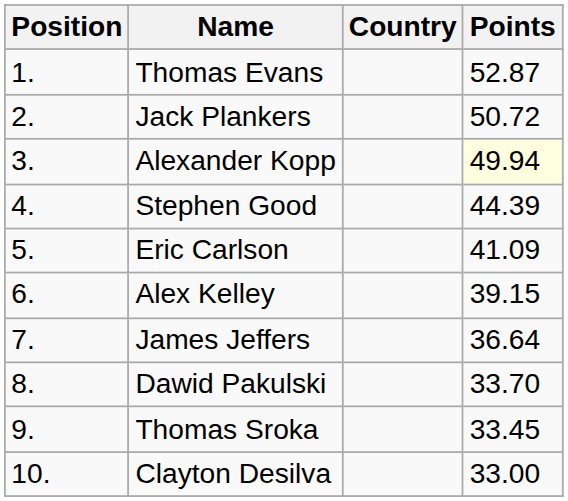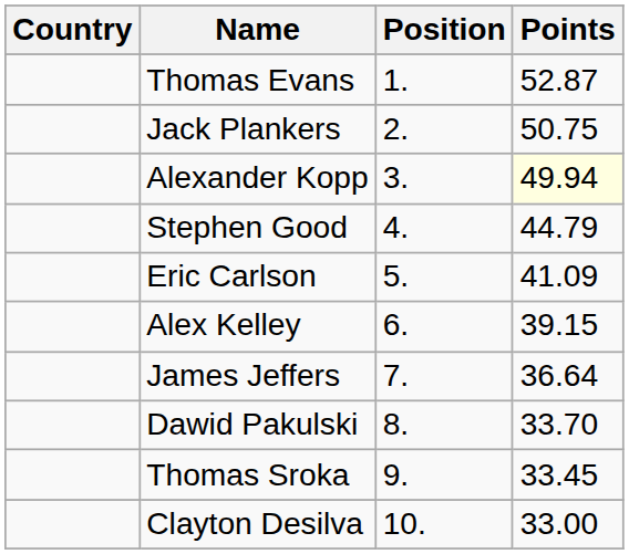 <table class="wikitable sortable" style="display: inline-table">
 <tr>
+<th>Country</th>
+<th>Name</th>
 <th>Position</th>
-<th>Name</th>
-<th>Country</th>
 <th>Points</th>
 </tr>
 <tr>
+<td></td>
+<td>Thomas Evans</td>
 <td>1.</td>
-<td>Thomas Evans</td>
-<td></td>
 <td>52.87</td>
 </tr>
 <tr>
+<td></td>
+<td>Jack Plankers</td>
 <td>2.</td>
-<td>Jack Plankers</td>
-<td></td>
-<td>50.72</td>
+<td>50.75</td>
 </tr>
 <tr>
+<td></td>
+<td>Alexander Kopp</td>
 <td>3.</td>
-<td>Alexander Kopp</td>
-<td></td>
 <td style="background: lightyellow;">49.94</td>
 </tr>
 <tr>
+<td></td>
+<td>Stephen Good</td>
 <td>4.</td>
-<td>Stephen Good</td>
-<td></td>
-<td>44.39</td>
+<td>44.79</td>
 </tr>
 <tr>
+<td></td>
+<td>Eric Carlson</td>
 <td>5.</td>
-<td>Eric Carlson</td>
-<td></td>
 <td>41.09</td>
 </tr>
 <tr>
+<td></td>
+<td>Alex Kelley</td>
 <td>6.</td>
-<td>Alex Kelley</td>
-<td></td>
 <td>39.15</td>
 </tr>
 <tr>
+<td></td>
+<td>James Jeffers</td>
 <td>7.</td>
-<td>James Jeffers</td>
-<td></td>
 <td>36.64</td>
 </tr>
 <tr>
+<td></td>
+<td>Dawid Pakulski</td>
 <td>8.</td>
-<td>Dawid Pakulski</td>
-<td></td>
 <td>33.70</td>
 </tr>
 <tr>
+<td></td>
+<td>Thomas Sroka</td>
 <td>9.</td>
-<td>Thomas Sroka</td>
-<td></td>
 <td>33.45</td>
 </tr>
 <tr>
+<td></td>
+<td>Clayton Desilva</td>
 <td>10.</td>
-<td>Clayton Desilva</td>
-<td></td>
 <td>33.00</td>
 </tr>
 </table>
